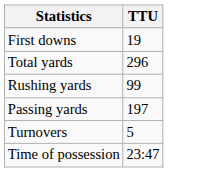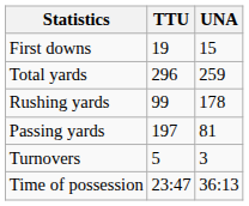 <table class="wikitable" style="float: left;">
 <tr>
 <th>Statistics</th>
 <th>TTU</th>
+<th>UNA</th>
 </tr>
 <tr>
 <td>First downs</td>
 <td>19</td>
+<td>15</td>
 </tr>
 <tr>
 <td>Total yards</td>
 <td>296</td>
+<td>259</td>
 </tr>
 <tr>
 <td>Rushing yards</td>
 <td>99</td>
+<td>178</td>
 </tr>
 <tr>
 <td>Passing yards</td>
 <td>197</td>
+<td>81</td>
 </tr>
 <tr>
 <td>Turnovers</td>
 <td>5</td>
+<td>3</td>
 </tr>
 <tr>
 <td>Time of possession</td>
 <td>23:47</td>
+<td>36:13</td>
 </tr>
 </table>
